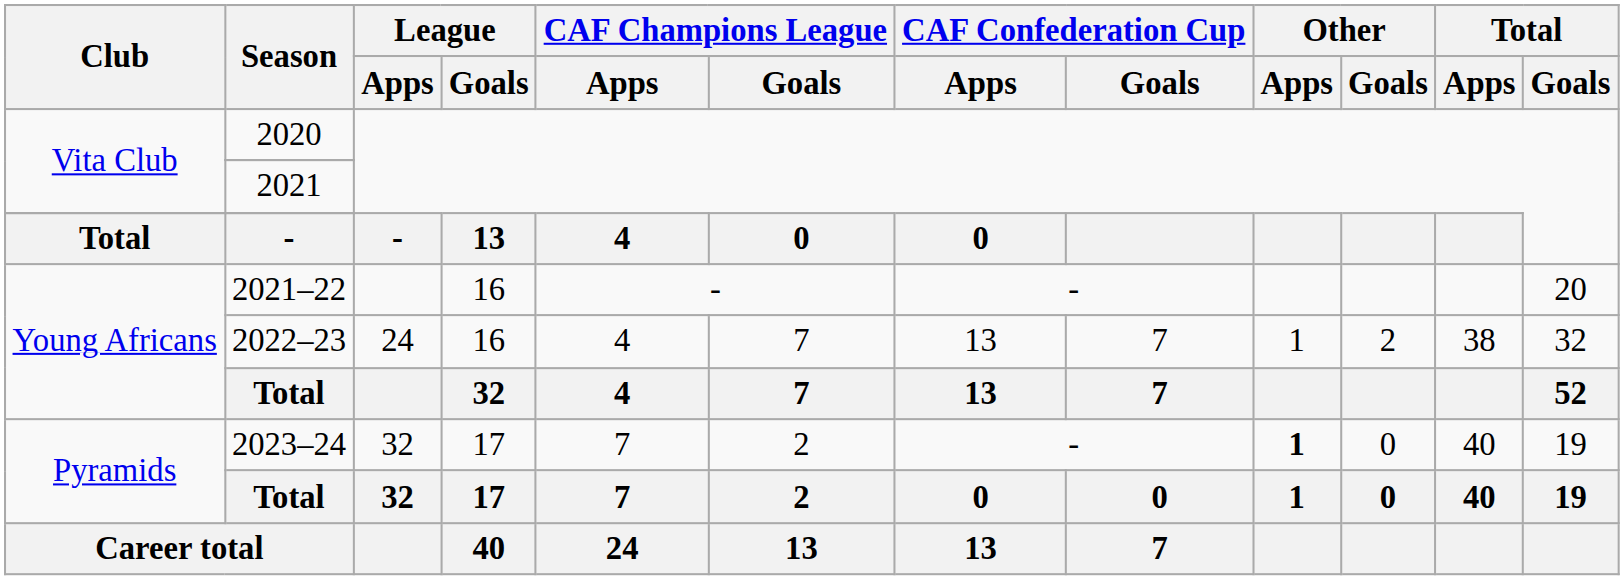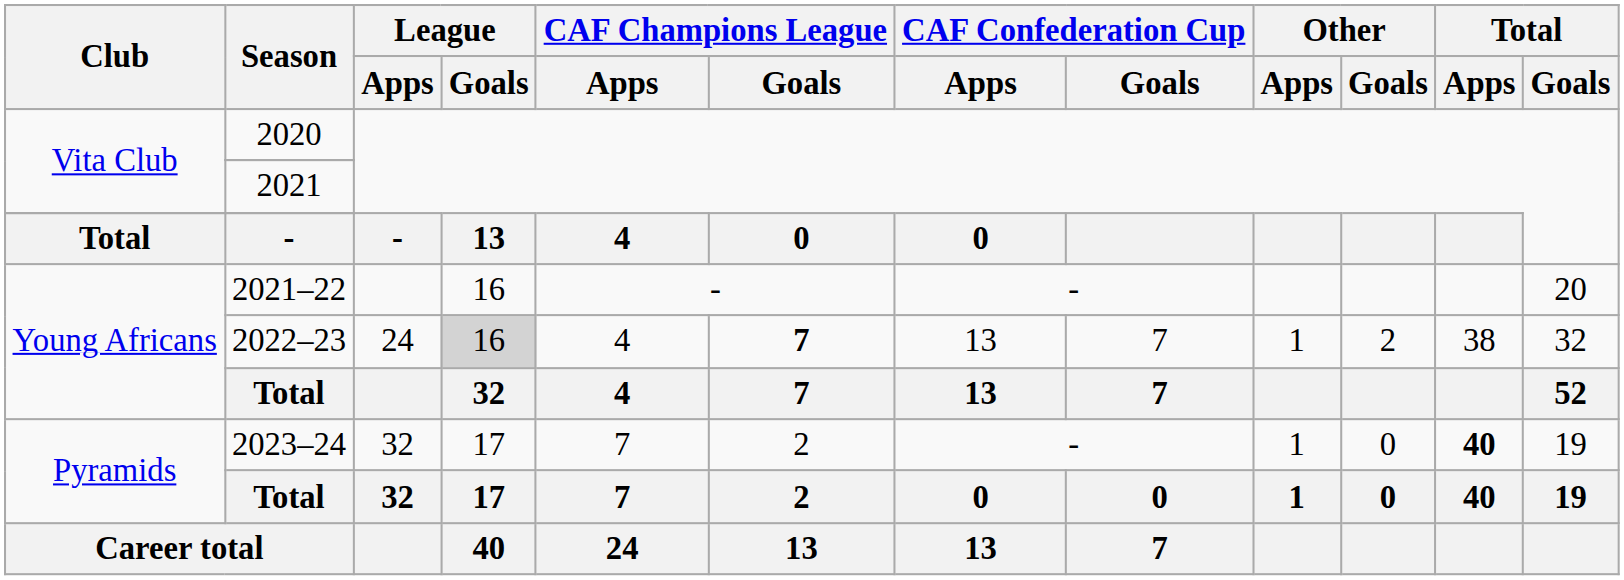 <table class="wikitable" style="text-align:center">
 <tr>
 <th rowspan="2">Club</th>
 <th rowspan="2">Season</th>
 <th colspan="2">League</th>
 <th colspan="2"><a href='#'>CAF Champions League</a></th>
 <th colspan="2"><a href='#'>CAF Confederation Cup</a></th>
 <th colspan="2">Other</th>
 <th colspan="2">Total</th>
 </tr>
 <tr>
 <th>Apps</th>
 <th>Goals</th>
 <th>Apps</th>
 <th>Goals</th>
 <th>Apps</th>
 <th>Goals</th>
 <th>Apps</th>
 <th>Goals</th>
 <th>Apps</th>
 <th>Goals</th>
 </tr>
 <tr>
 <td rowspan="3"><a href='#'>Vita Club</a></td>
 <td>2020</td>
 </tr>
 <tr ||-||5||1||colspan="2"|-||||||||>
 </tr>
 <tr>
 <td>2021</td>
 </tr>
 <tr ||-||8||3||colspan="2"|-||||||||>
 </tr>
 <tr>
 <th colspan="1">Total</th>
 <th>-</th>
 <th>-</th>
 <th>13</th>
 <th>4</th>
 <th>0</th>
 <th>0</th>
 <th></th>
 <th></th>
 <th></th>
 <th></th>
 </tr>
 <tr>
 <td rowspan="3"><a href='#'>Young Africans</a></td>
 <td>2021–22</td>
 <td></td>
 <td>16</td>
 <td colspan="2">-</td>
 <td colspan="2">-</td>
 <td></td>
 <td></td>
 <td></td>
 <td>20</td>
 </tr>
 <tr>
 <td>2022–23</td>
 <td>24</td>
-<td>16</td>
+<td style="background: lightgrey;">16</td>
 <td>4</td>
-<td>7</td>
+<td><strong>7</strong></td>
 <td>13</td>
 <td>7</td>
 <td>1</td>
 <td>2</td>
 <td>38</td>
 <td>32</td>
 </tr>
 <tr>
 <th colspan="1">Total</th>
 <th></th>
 <th>32</th>
 <th>4</th>
 <th>7</th>
 <th>13</th>
 <th>7</th>
 <th></th>
 <th></th>
 <th></th>
 <th>52</th>
 </tr>
 <tr>
 <td rowspan="2"><a href='#'>Pyramids</a></td>
 <td>2023–24</td>
 <td>32</td>
 <td>17</td>
 <td>7</td>
 <td>2</td>
 <td colspan="2">-</td>
-<td><strong>1</strong></td>
+<td>1</td>
 <td>0</td>
-<td>40</td>
+<td><strong>40</strong></td>
 <td>19</td>
 </tr>
 <tr>
 <th colspan="1">Total</th>
 <th>32</th>
 <th>17</th>
 <th>7</th>
 <th>2</th>
 <th>0</th>
 <th>0</th>
 <th>1</th>
 <th>0</th>
 <th>40</th>
 <th>19</th>
 </tr>
 <tr>
 <th colspan="2">Career total</th>
 <th></th>
 <th>40</th>
 <th>24</th>
 <th>13</th>
 <th>13</th>
 <th>7</th>
 <th></th>
 <th></th>
 <th></th>
 <th></th>
 </tr>
 </table>
